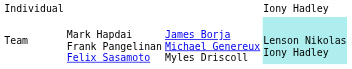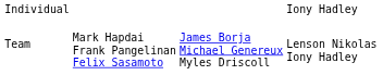 <table>
 <tr>
 <td>Individual</td>
 <td></td>
 <td></td>
 <td>Iony Hadley<br></td>
 </tr>
 <tr>
 <td>Team</td>
 <td nowrap><br>Mark Hapdai<br>Frank Pangelinan<br><a href='#'>Felix Sasamoto</a></td>
 <td nowrap><br><a href='#'>James Borja</a><br><a href='#'>Michael Genereux</a><br>Myles Driscoll</td>
-<td nowrap style="background: paleturquoise;"><br>Lenson Nikolas<br>Iony Hadley</td>
+<td nowrap><br>Lenson Nikolas<br>Iony Hadley</td>
 </tr>
 </table>
